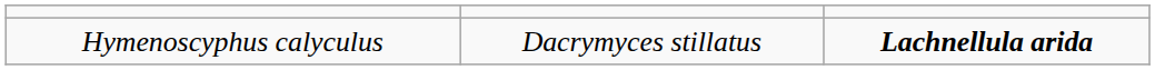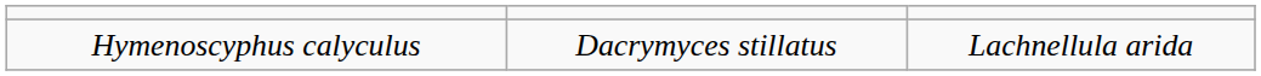 <table class="wikitable" style="width:640px; margin: 1em auto; text-align: center;">
 <tr>
 <td></td>
 <td></td>
 <td></td>
 </tr>
 <tr>
 <td><em>Hymenoscyphus calyculus</em></td>
 <td><em>Dacrymyces stillatus</em></td>
-<td><strong><em>Lachnellula arida</em></strong></td>
+<td><em>Lachnellula arida</em></td>
 </tr>
 </table>
